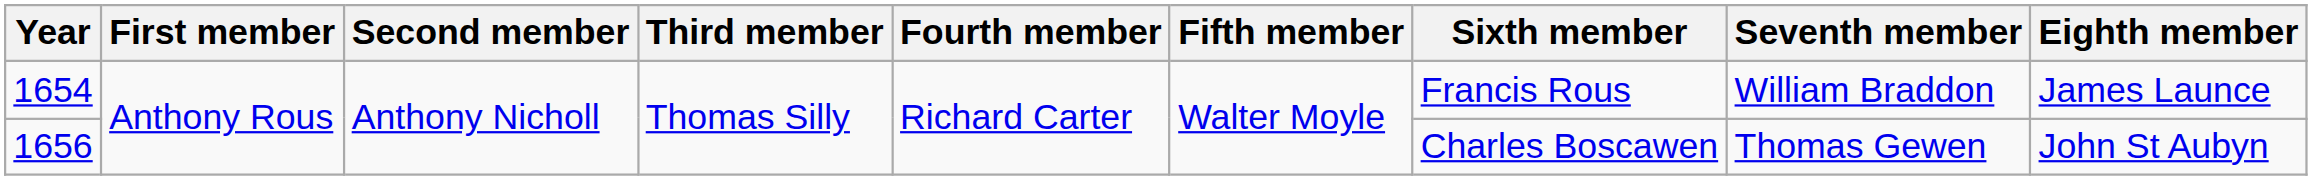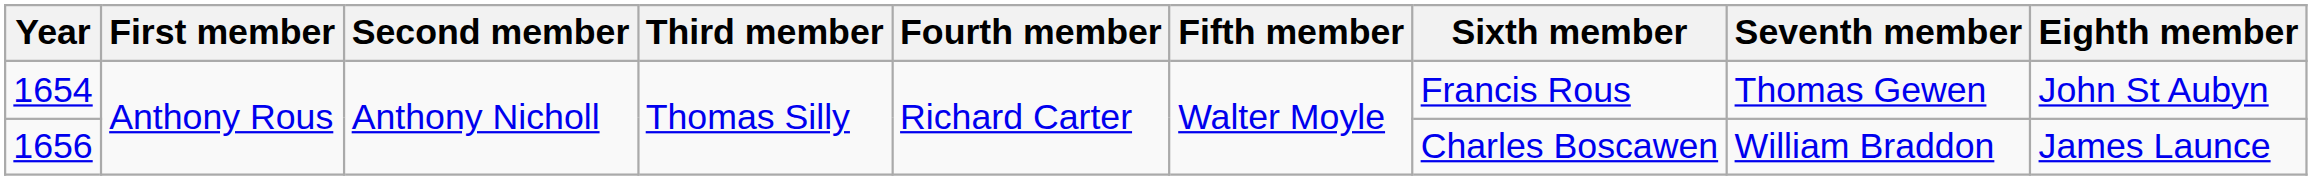 <table class="wikitable">
 <tr>
 <th>Year</th>
 <th>First member</th>
 <th>Second member</th>
 <th>Third member</th>
 <th>Fourth member</th>
 <th>Fifth member</th>
 <th>Sixth member</th>
 <th>Seventh member</th>
 <th>Eighth member</th>
 </tr>
 <tr>
 <td><a href='#'>1654</a></td>
 <td rowspan="2"><a href='#'>Anthony Rous</a></td>
 <td rowspan="2"><a href='#'>Anthony Nicholl</a></td>
 <td rowspan="2"><a href='#'>Thomas Silly</a></td>
 <td rowspan="2"><a href='#'>Richard Carter</a></td>
 <td rowspan="2"><a href='#'>Walter Moyle</a></td>
 <td><a href='#'>Francis Rous</a></td>
-<td><a href='#'>William Braddon</a></td>
-<td><a href='#'>James Launce</a></td>
+<td><a href='#'>Thomas Gewen</a></td>
+<td><a href='#'>John St Aubyn</a></td>
 </tr>
 <tr>
 <td><a href='#'>1656</a></td>
 <td><a href='#'>Charles Boscawen</a></td>
-<td><a href='#'>Thomas Gewen</a></td>
-<td><a href='#'>John St Aubyn</a></td>
+<td><a href='#'>William Braddon</a></td>
+<td><a href='#'>James Launce</a></td>
 </tr>
 </table>
